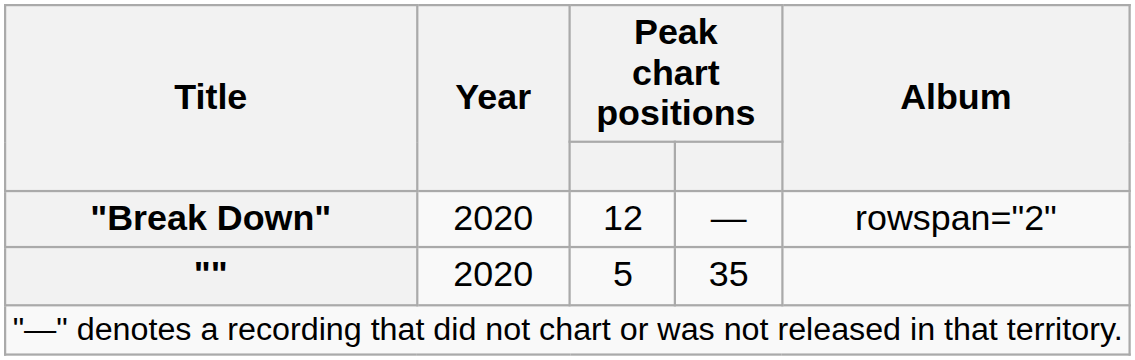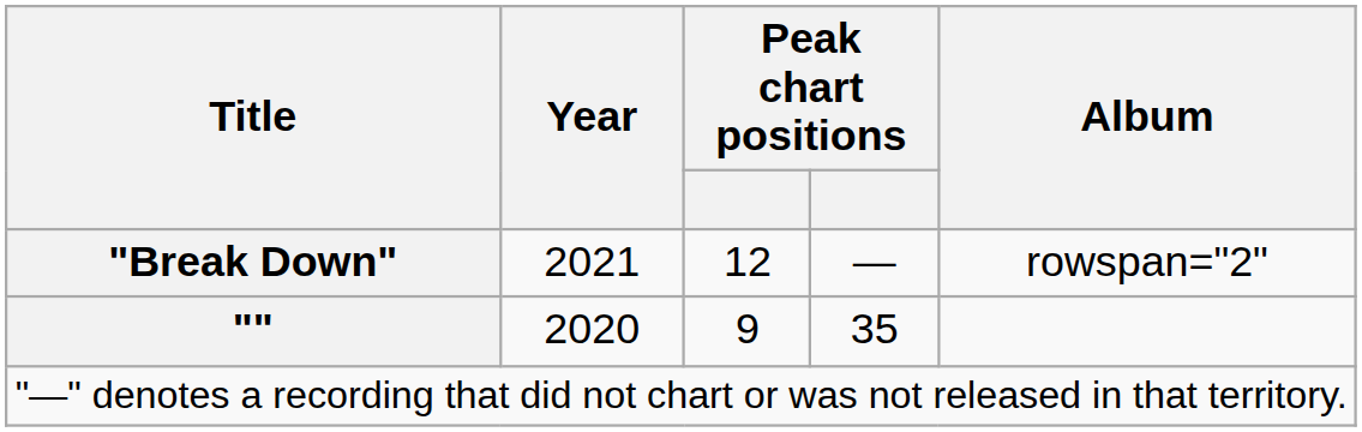 <table class="wikitable plainrowheaders" style="text-align:center;">
 <tr>
 <th scope="col" rowspan="2">Title</th>
 <th scope="col" rowspan="2">Year</th>
 <th scope="col" colspan="2">Peak<br>chart<br>positions</th>
 <th scope="col" rowspan="2">Album</th>
 </tr>
 <tr>
 <th scope=col style="width:3em; font-size:85%;"><a href='#'></a><br></th>
 <th scope=col style="width:3em; font-size:85%;"><a href='#'></a><br></th>
 </tr>
 <tr>
 <th scope="row">"Break Down"<br></th>
-<td>2020</td>
+<td>2021</td>
 <td>12</td>
 <td>—</td>
 <td>rowspan="2" </td>
 </tr>
 <tr>
 <th scope="row">""<br></th>
 <td>2020</td>
-<td>5</td>
+<td>9</td>
 <td>35</td>
 </tr>
 <tr>
 <td colspan="5" style="font-size:90%">"—" denotes a recording that did not chart or was not released in that territory.</td>
 </tr>
 </table>
